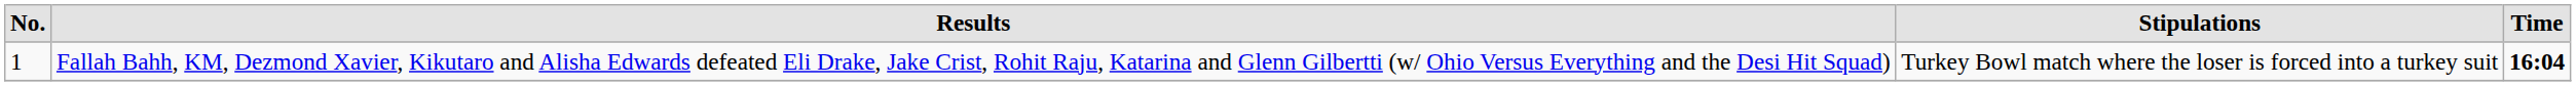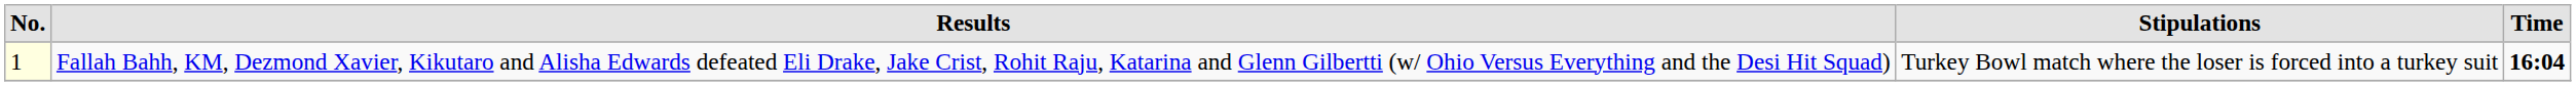 <table style="font-size: 100%; text-align: left;" class="wikitable">
 <tr>
 <th style="border-style: none none solid solid; background: #e3e3e3;"><strong>No.</strong></th>
 <th style="border-style: none none solid solid; background: #e3e3e3;"><strong>Results</strong></th>
 <th style="border-style: none none solid solid; background: #e3e3e3;"><strong>Stipulations</strong></th>
 <th style="border-style: none none solid solid; background: #e3e3e3;"><strong>Time</strong></th>
 </tr>
 <tr>
-<td>1</td>
+<td style="background: lightyellow;">1</td>
 <td><a href='#'>Fallah Bahh</a>, <a href='#'>KM</a>, <a href='#'>Dezmond Xavier</a>, <a href='#'>Kikutaro</a> and <a href='#'>Alisha Edwards</a> defeated <a href='#'>Eli Drake</a>, <a href='#'>Jake Crist</a>, <a href='#'>Rohit Raju</a>, <a href='#'>Katarina</a> and <a href='#'>Glenn Gilbertti</a> (w/ <a href='#'>Ohio Versus Everything</a> and the <a href='#'>Desi Hit Squad</a>)</td>
 <td>Turkey Bowl match where the loser is forced into a turkey suit</td>
 <td><strong>16:04</strong></td>
 </tr>
 <tr>
 </tr>
 </table>
